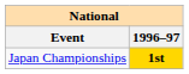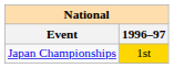 <table class="wikitable" style="text-align:center">
 <tr>
 <th style="background-color: #ffdead; " colspan=2 align=center>National</th>
 </tr>
 <tr>
 <th>Event</th>
 <th>1996–97</th>
 </tr>
 <tr>
 <td align=left><a href='#'>Japan Championships</a></td>
-<td bgcolor=gold><strong>1st</strong></td>
+<td bgcolor=gold>1st</td>
 </tr>
 </table>
